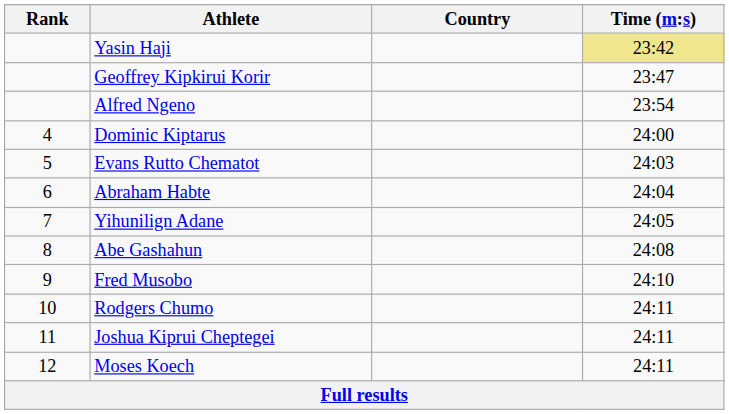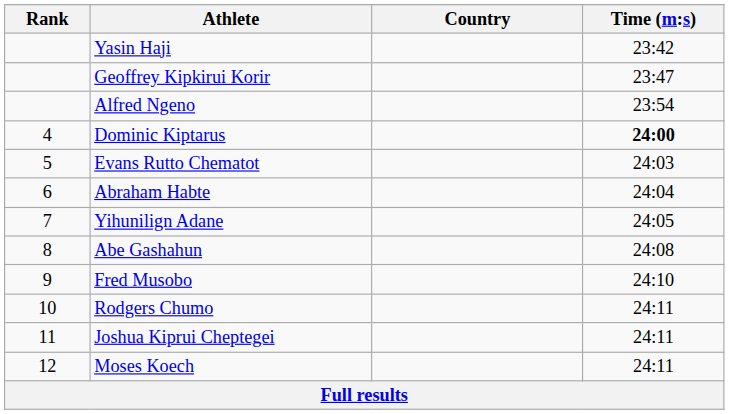 <table class="wikitable" style="text-align:center;" width="50%">
 <tr>
 </tr>
 <tr>
 <th width=5%>Rank</th>
 <th width=20%>Athlete</th>
 <th width=15%>Country</th>
 <th width=10%>Time (<a href='#'>m</a>:<a href='#'>s</a>)</th>
 </tr>
 <tr>
 <td align=center></td>
 <td align=left><a href='#'>Yasin Haji</a></td>
 <td align=left></td>
-<td style="background: khaki;">23:42</td>
+<td>23:42</td>
 </tr>
 <tr>
 <td align=center></td>
 <td align=left><a href='#'>Geoffrey Kipkirui Korir</a></td>
 <td align=left></td>
 <td>23:47</td>
 </tr>
 <tr>
 <td align=center></td>
 <td align=left><a href='#'>Alfred Ngeno</a></td>
 <td align=left></td>
 <td>23:54</td>
 </tr>
 <tr>
 <td align=center>4</td>
 <td align=left><a href='#'>Dominic Kiptarus</a></td>
 <td align=left></td>
-<td>24:00</td>
+<td><strong>24:00</strong></td>
 </tr>
 <tr>
 <td align=center>5</td>
 <td align=left><a href='#'>Evans Rutto Chematot</a></td>
 <td align=left></td>
 <td>24:03</td>
 </tr>
 <tr>
 <td align=center>6</td>
 <td align=left><a href='#'>Abraham Habte</a></td>
 <td align=left></td>
 <td>24:04</td>
 </tr>
 <tr>
 <td align=center>7</td>
 <td align=left><a href='#'>Yihunilign Adane</a></td>
 <td align=left></td>
 <td>24:05</td>
 </tr>
 <tr>
 <td align=center>8</td>
 <td align=left><a href='#'>Abe Gashahun</a></td>
 <td align=left></td>
 <td>24:08</td>
 </tr>
 <tr>
 <td align=center>9</td>
 <td align=left><a href='#'>Fred Musobo</a></td>
 <td align=left></td>
 <td>24:10</td>
 </tr>
 <tr>
 <td align=center>10</td>
 <td align=left><a href='#'>Rodgers Chumo</a></td>
 <td align=left></td>
 <td>24:11</td>
 </tr>
 <tr>
 <td align=center>11</td>
 <td align=left><a href='#'>Joshua Kiprui Cheptegei</a></td>
 <td align=left></td>
 <td>24:11</td>
 </tr>
 <tr>
 <td align=center>12</td>
 <td align=left><a href='#'>Moses Koech</a></td>
 <td align=left></td>
 <td>24:11</td>
 </tr>
 <tr class="sortbottom">
 <th colspan=4 align=center><a href='#'>Full results</a></th>
 </tr>
 </table>
